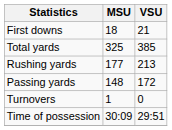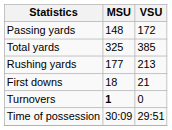 <table class="wikitable">
 <tr>
 <th>Statistics</th>
 <th>MSU</th>
 <th>VSU</th>
 </tr>
 <tr>
-<td>First downs</td>
-<td>18</td>
-<td>21</td>
+<td>Passing yards</td>
+<td>148</td>
+<td>172</td>
 </tr>
 <tr>
 <td>Total yards</td>
 <td>325</td>
 <td>385</td>
 </tr>
 <tr>
 <td>Rushing yards</td>
 <td>177</td>
 <td>213</td>
 </tr>
 <tr>
-<td>Passing yards</td>
-<td>148</td>
-<td>172</td>
+<td>First downs</td>
+<td>18</td>
+<td>21</td>
 </tr>
 <tr>
 <td>Turnovers</td>
-<td>1</td>
+<td><strong>1</strong></td>
 <td>0</td>
 </tr>
 <tr>
 <td>Time of possession</td>
 <td>30:09</td>
 <td>29:51</td>
 </tr>
 <tr>
 </tr>
 </table>
